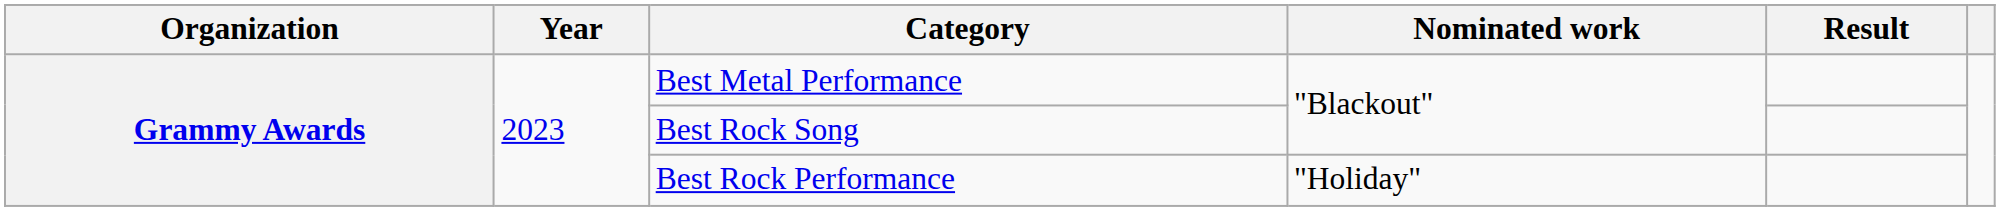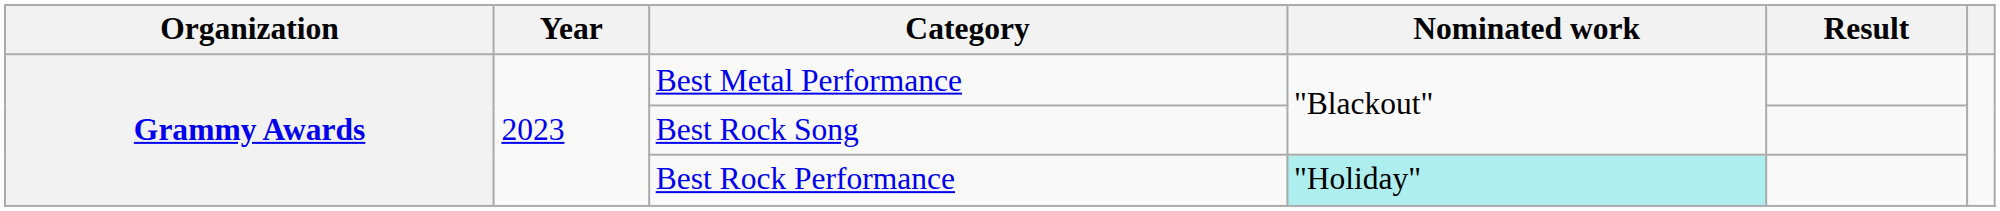 <table class="wikitable sortable plainrowheaders" style="width: 80%;">
 <tr>
 <th scope="col">Organization</th>
 <th scope="col">Year</th>
 <th scope="col">Category</th>
 <th scope="col">Nominated work</th>
 <th scope="col">Result</th>
 <th scope="col" class="unsortable"></th>
 </tr>
 <tr>
 <th rowspan="3" scope="row"><a href='#'>Grammy Awards</a></th>
 <td rowspan="3"><a href='#'>2023</a></td>
 <td><a href='#'>Best Metal Performance</a></td>
 <td rowspan="2">"Blackout"</td>
 <td></td>
 <td rowspan="3" align="center"></td>
 </tr>
 <tr>
 <td><a href='#'>Best Rock Song</a></td>
 <td></td>
 </tr>
 <tr>
 <td><a href='#'>Best Rock Performance</a></td>
-<td>"Holiday"</td>
+<td style="background: paleturquoise;">"Holiday"</td>
 <td></td>
 </tr>
 </table>
